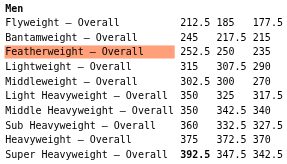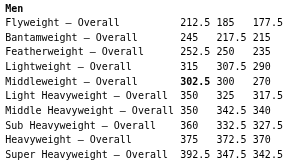 <table>
 <tr>
 <td colspan=7><strong>Men</strong></td>
 </tr>
 <tr>
 <td>Flyweight – Overall</td>
 <td></td>
 <td>212.5</td>
 <td></td>
 <td>185</td>
 <td></td>
 <td>177.5</td>
 </tr>
 <tr>
 <td>Bantamweight – Overall</td>
 <td></td>
 <td>245</td>
 <td></td>
 <td>217.5</td>
 <td></td>
 <td>215</td>
 </tr>
 <tr>
-<td style="background: lightsalmon;">Featherweight – Overall</td>
+<td>Featherweight – Overall</td>
 <td></td>
 <td>252.5</td>
 <td></td>
 <td>250</td>
 <td></td>
 <td>235</td>
 </tr>
 <tr>
 <td>Lightweight – Overall</td>
 <td></td>
 <td>315</td>
 <td></td>
 <td>307.5</td>
 <td></td>
 <td>290</td>
 </tr>
 <tr>
 <td>Middleweight – Overall</td>
 <td></td>
-<td>302.5</td>
+<td><strong>302.5</strong></td>
 <td></td>
 <td>300</td>
 <td></td>
 <td>270</td>
 </tr>
 <tr>
 <td>Light Heavyweight – Overall</td>
 <td></td>
 <td>350</td>
 <td></td>
 <td>325</td>
 <td></td>
 <td>317.5</td>
 </tr>
 <tr>
 <td>Middle Heavyweight – Overall</td>
 <td></td>
 <td>350</td>
 <td></td>
 <td>342.5</td>
 <td></td>
 <td>340</td>
 </tr>
 <tr>
 <td>Sub Heavyweight – Overall</td>
 <td></td>
 <td>360</td>
 <td></td>
 <td>332.5</td>
 <td></td>
 <td>327.5</td>
 </tr>
 <tr>
 <td>Heavyweight – Overall</td>
 <td></td>
 <td>375</td>
 <td></td>
 <td>372.5</td>
 <td></td>
 <td>370</td>
 </tr>
 <tr>
 <td>Super Heavyweight – Overall</td>
 <td></td>
-<td><strong>392.5</strong></td>
+<td>392.5</td>
 <td></td>
 <td>347.5</td>
 <td></td>
 <td>342.5</td>
 </tr>
 </table>
